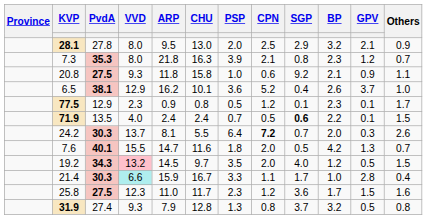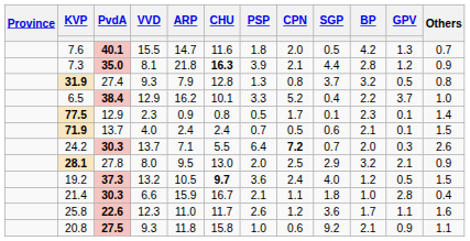 <table class="wikitable sortable" style="text-align:center;font-size:90%;line-height:14px">
 <tr style="height:40px;">
 <th rowspan="2"><a href='#'>Province</a></th>
 <th style="width:40px;"><a href='#'>KVP</a></th>
 <th style="width:40px;"><a href='#'>PvdA</a></th>
 <th style="width:40px;"><a href='#'>VVD</a></th>
 <th style="width:40px;"><a href='#'>ARP</a></th>
 <th style="width:40px;"><a href='#'>CHU</a></th>
 <th style="width:40px;"><a href='#'>PSP</a></th>
 <th style="width:40px;"><a href='#'>CPN</a></th>
 <th style="width:40px;"><a href='#'>SGP</a></th>
 <th style="width:40px;"><a href='#'>BP</a></th>
 <th style="width:40px;"><a href='#'>GPV</a></th>
 <th style="width:40px;" rowspan="2">Others</th>
 </tr>
 <tr>
 <th style="background:"></th>
 <th style="background:"></th>
 <th style="background:"></th>
 <th style="background:"></th>
 <th style="background:"></th>
 <th style="background:"></th>
 <th style="background:"></th>
 <th style="background:"></th>
 <th style="background:"></th>
 <th style="background:"></th>
 </tr>
 <tr>
 <td align="left"></td>
+<td>7.6</td>
+<td style="background:#F6C5C1;"><strong>40.1</strong></td>
+<td>15.5</td>
+<td>14.7</td>
+<td>11.6</td>
+<td>1.8</td>
+<td>2.0</td>
+<td>0.5</td>
+<td>4.2</td>
+<td>1.3</td>
+<td>0.7</td>
+</tr>
+<tr>
+<td align="left"></td>
+<td>7.3</td>
+<td style="background:#F6C5C1;"><strong>35.0</strong></td>
+<td>8.1</td>
+<td>21.8</td>
+<td><strong>16.3</strong></td>
+<td>3.9</td>
+<td>2.1</td>
+<td>4.4</td>
+<td>2.8</td>
+<td>1.2</td>
+<td>0.9</td>
+</tr>
+<tr>
+<td align="left"></td>
+<td style="background:#f8e7c1;"><strong>31.9</strong></td>
+<td>27.4</td>
+<td>9.3</td>
+<td>7.9</td>
+<td>12.8</td>
+<td>1.3</td>
+<td>0.8</td>
+<td>3.7</td>
+<td>3.2</td>
+<td>0.5</td>
+<td>0.8</td>
+</tr>
+<tr>
+<td align="left"></td>
+<td>6.5</td>
+<td style="background:#F6C5C1;"><strong>38.4</strong></td>
+<td>12.9</td>
+<td>16.2</td>
+<td>10.1</td>
+<td>3.3</td>
+<td>5.2</td>
+<td>0.4</td>
+<td>2.2</td>
+<td>3.7</td>
+<td>1.0</td>
+</tr>
+<tr>
+<td align="left"></td>
+<td style="background:#f8e7c1;"><strong>77.5</strong></td>
+<td>12.9</td>
+<td>2.3</td>
+<td>0.9</td>
+<td>0.8</td>
+<td>0.5</td>
+<td>1.7</td>
+<td>0.1</td>
+<td>2.3</td>
+<td>0.1</td>
+<td>1.4</td>
+</tr>
+<tr>
+<td align="left"></td>
+<td style="background:#f8e7c1;"><strong>71.9</strong></td>
+<td>13.7</td>
+<td>4.0</td>
+<td>2.4</td>
+<td>2.4</td>
+<td>0.7</td>
+<td>0.5</td>
+<td>0.6</td>
+<td>2.1</td>
+<td>0.1</td>
+<td>1.5</td>
+</tr>
+<tr>
+<td align="left"></td>
+<td>24.2</td>
+<td style="background:#F6C5C1;"><strong>30.3</strong></td>
+<td>13.7</td>
+<td>7.1</td>
+<td>5.5</td>
+<td>6.4</td>
+<td><strong>7.2</strong></td>
+<td>0.7</td>
+<td>2.0</td>
+<td>0.3</td>
+<td>2.6</td>
+</tr>
+<tr>
+<td align="left"></td>
 <td style="background:#f8e7c1;"><strong>28.1</strong></td>
 <td>27.8</td>
 <td>8.0</td>
 <td>9.5</td>
 <td>13.0</td>
 <td>2.0</td>
 <td>2.5</td>
 <td>2.9</td>
 <td>3.2</td>
 <td>2.1</td>
 <td>0.9</td>
 </tr>
 <tr>
 <td align="left"></td>
-<td>7.3</td>
-<td style="background:#F6C5C1;"><strong>35.3</strong></td>
-<td>8.0</td>
-<td>21.8</td>
-<td>16.3</td>
-<td>3.9</td>
+<td>19.2</td>
+<td style="background:#F6C5C1;"><strong>37.3</strong></td>
+<td>13.2</td>
+<td>10.5</td>
+<td><strong>9.7</strong></td>
+<td>3.6</td>
+<td>2.4</td>
+<td>4.0</td>
+<td>1.2</td>
+<td>0.5</td>
+<td>1.5</td>
+</tr>
+<tr>
+<td align="left"></td>
+<td>21.4</td>
+<td style="background:#F6C5C1;"><strong>30.3</strong></td>
+<td>6.6</td>
+<td>15.9</td>
+<td>16.7</td>
 <td>2.1</td>
-<td>0.8</td>
-<td>2.3</td>
+<td>1.1</td>
+<td>1.8</td>
+<td>1.0</td>
+<td>2.8</td>
+<td>0.4</td>
+</tr>
+<tr>
+<td align="left"></td>
+<td>25.8</td>
+<td style="background:#F6C5C1;"><strong>22.6</strong></td>
+<td>12.3</td>
+<td>11.0</td>
+<td>11.7</td>
+<td>2.6</td>
 <td>1.2</td>
-<td>0.7</td>
+<td>3.6</td>
+<td>1.7</td>
+<td>1.1</td>
+<td>1.6</td>
 </tr>
 <tr>
 <td align="left"></td>
 <td>20.8</td>
 <td style="background:#F6C5C1;"><strong>27.5</strong></td>
 <td>9.3</td>
 <td>11.8</td>
 <td>15.8</td>
 <td>1.0</td>
 <td>0.6</td>
 <td>9.2</td>
 <td>2.1</td>
 <td>0.9</td>
 <td>1.1</td>
 </tr>
-<tr>
-<td align="left"></td>
-<td>6.5</td>
-<td style="background:#F6C5C1;"><strong>38.1</strong></td>
-<td>12.9</td>
-<td>16.2</td>
-<td>10.1</td>
-<td>3.6</td>
-<td>5.2</td>
-<td>0.4</td>
-<td>2.6</td>
-<td>3.7</td>
-<td>1.0</td>
-</tr>
-<tr>
-<td align="left"></td>
-<td style="background:#f8e7c1;"><strong>77.5</strong></td>
-<td>12.9</td>
-<td>2.3</td>
-<td>0.9</td>
-<td>0.8</td>
-<td>0.5</td>
-<td>1.2</td>
-<td>0.1</td>
-<td>2.3</td>
-<td>0.1</td>
-<td>1.7</td>
-</tr>
-<tr>
-<td align="left"></td>
-<td style="background:#f8e7c1;"><strong>71.9</strong></td>
-<td>13.5</td>
-<td>4.0</td>
-<td>2.4</td>
-<td>2.4</td>
-<td>0.7</td>
-<td>0.5</td>
-<td><strong>0.6</strong></td>
-<td>2.2</td>
-<td>0.1</td>
-<td>1.5</td>
-</tr>
-<tr>
-<td align="left"></td>
-<td>24.2</td>
-<td style="background:#F6C5C1;"><strong>30.3</strong></td>
-<td>13.7</td>
-<td>8.1</td>
-<td>5.5</td>
-<td>6.4</td>
-<td><strong>7.2</strong></td>
-<td>0.7</td>
-<td>2.0</td>
-<td>0.3</td>
-<td>2.6</td>
-</tr>
-<tr>
-<td align="left"></td>
-<td>7.6</td>
-<td style="background:#F6C5C1;"><strong>40.1</strong></td>
-<td>15.5</td>
-<td>14.7</td>
-<td>11.6</td>
-<td>1.8</td>
-<td>2.0</td>
-<td>0.5</td>
-<td>4.2</td>
-<td>1.3</td>
-<td>0.7</td>
-</tr>
-<tr>
-<td align="left"></td>
-<td>19.2</td>
-<td style="background:#F6C5C1;"><strong>34.3</strong></td>
-<td style="background: pink;">13.2</td>
-<td>14.5</td>
-<td>9.7</td>
-<td>3.5</td>
-<td>2.0</td>
-<td>4.0</td>
-<td>1.2</td>
-<td>0.5</td>
-<td>1.5</td>
-</tr>
-<tr>
-<td align="left"></td>
-<td>21.4</td>
-<td style="background:#F6C5C1;"><strong>30.3</strong></td>
-<td style="background: paleturquoise;">6.6</td>
-<td>15.9</td>
-<td>16.7</td>
-<td>3.3</td>
-<td>1.1</td>
-<td>1.7</td>
-<td>1.0</td>
-<td>2.8</td>
-<td>0.4</td>
-</tr>
-<tr>
-<td align="left"></td>
-<td>25.8</td>
-<td style="background:#F6C5C1;"><strong>27.5</strong></td>
-<td>12.3</td>
-<td>11.0</td>
-<td>11.7</td>
-<td>2.3</td>
-<td>1.2</td>
-<td>3.6</td>
-<td>1.7</td>
-<td>1.5</td>
-<td>1.6</td>
-</tr>
-<tr>
-<td align="left"></td>
-<td style="background:#f8e7c1;"><strong>31.9</strong></td>
-<td>27.4</td>
-<td>9.3</td>
-<td>7.9</td>
-<td>12.8</td>
-<td>1.3</td>
-<td>0.8</td>
-<td>3.7</td>
-<td>3.2</td>
-<td>0.5</td>
-<td>0.8</td>
-</tr>
 </table>
